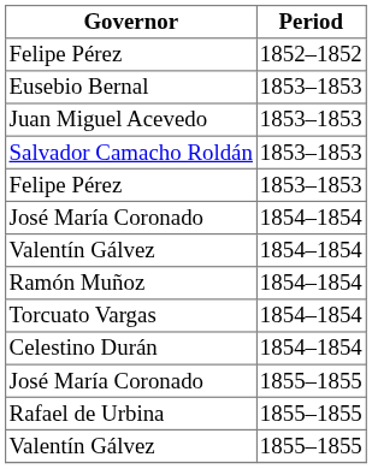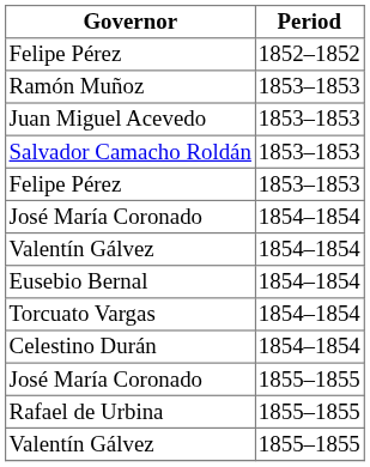 <table class="toccolours" border="1" cellpadding="2" style="border-collapse:collapse">
 <tr>
 <th>Governor</th>
 <th>Period</th>
 </tr>
 <tr>
 <td>Felipe Pérez</td>
 <td>1852–1852</td>
 </tr>
 <tr>
-<td>Eusebio Bernal</td>
+<td>Ramón Muñoz</td>
 <td>1853–1853</td>
 </tr>
 <tr>
 <td>Juan Miguel Acevedo</td>
 <td>1853–1853</td>
 </tr>
 <tr>
 <td><a href='#'>Salvador Camacho Roldán</a></td>
 <td>1853–1853</td>
 </tr>
 <tr>
 <td>Felipe Pérez</td>
 <td>1853–1853</td>
 </tr>
 <tr>
 <td>José María Coronado</td>
 <td>1854–1854</td>
 </tr>
 <tr>
 <td>Valentín Gálvez</td>
 <td>1854–1854</td>
 </tr>
 <tr>
-<td>Ramón Muñoz</td>
+<td>Eusebio Bernal</td>
 <td>1854–1854</td>
 </tr>
 <tr>
 <td>Torcuato Vargas</td>
 <td>1854–1854</td>
 </tr>
 <tr>
 <td>Celestino Durán</td>
 <td>1854–1854</td>
 </tr>
 <tr>
 <td>José María Coronado</td>
 <td>1855–1855</td>
 </tr>
 <tr>
 <td>Rafael de Urbina</td>
 <td>1855–1855</td>
 </tr>
 <tr>
 <td>Valentín Gálvez</td>
 <td>1855–1855</td>
 </tr>
 <tr>
 </tr>
 </table>
